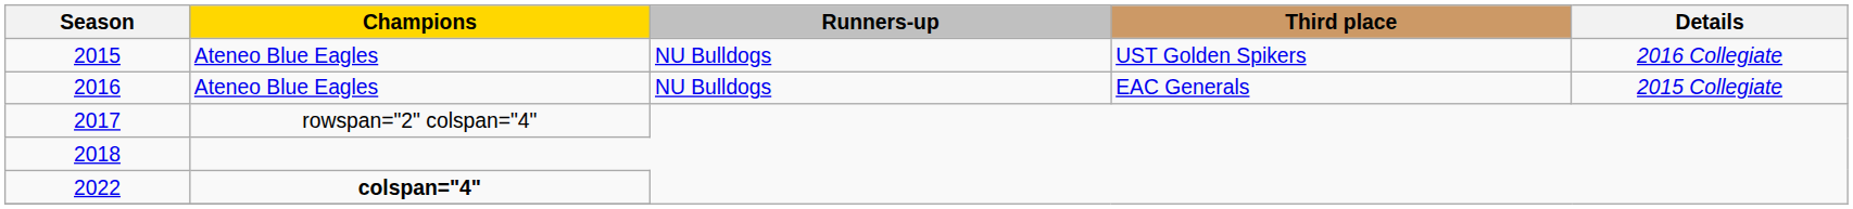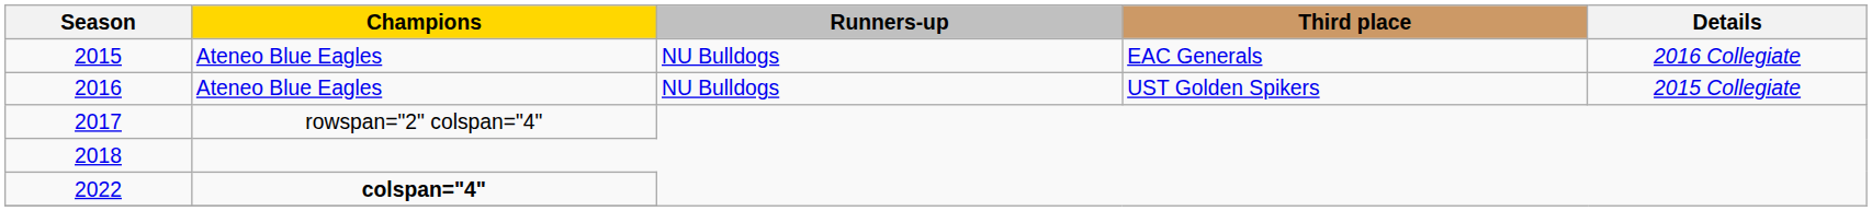 <table class=wikitable style="border-collapse: collapse; font-size:90%; text-align: center" width=80%>
 <tr>
 <th width=10%>Season</th>
 <th width=25% style="background:gold">Champions</th>
 <th width=25% style="background:silver">Runners-up</th>
 <th width=25% style="background:#cc9966">Third place</th>
 <th width=15%>Details</th>
 </tr>
 <tr>
 <td><a href='#'>2015</a></td>
 <td style="text-align:left"><a href='#'>Ateneo Blue Eagles</a></td>
 <td style="text-align:left"><a href='#'>NU Bulldogs</a></td>
-<td style="text-align:left"><a href='#'>UST Golden Spikers</a></td>
+<td style="text-align:left"><a href='#'>EAC Generals</a></td>
 <td><em><a href='#'>2016 Collegiate</a></em></td>
 </tr>
 <tr>
 <td><a href='#'>2016</a></td>
 <td style="text-align:left"><a href='#'>Ateneo Blue Eagles</a></td>
 <td style="text-align:left"><a href='#'>NU Bulldogs</a></td>
-<td style="text-align:left"><a href='#'>EAC Generals</a></td>
+<td style="text-align:left"><a href='#'>UST Golden Spikers</a></td>
 <td><em><a href='#'>2015 Collegiate</a></em></td>
 </tr>
 <tr>
 <td><a href='#'>2017</a></td>
 <td>rowspan="2" colspan="4"</td>
 </tr>
 <tr>
 <td><a href='#'>2018</a></td>
 </tr>
 <tr>
 <td><a href='#'>2022</a></td>
 <td><strong>colspan="4" </strong></td>
 </tr>
 <tr>
 </tr>
 </table>
